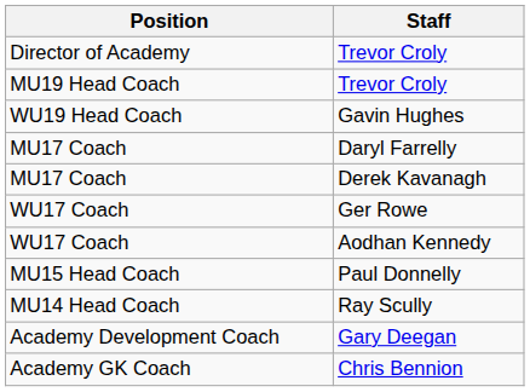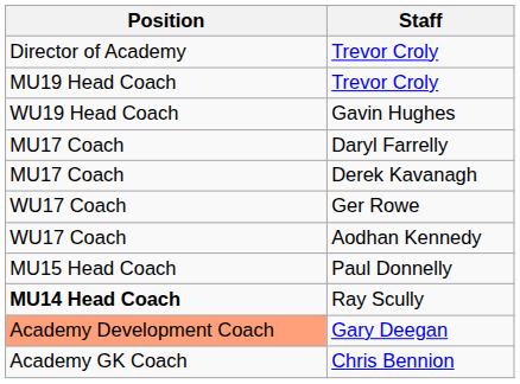 <table class=wikitable style="width:33%;">
 <tr>
 <th style="color:red background:black">Position</th>
 <th style="color:red background:black">Staff</th>
 </tr>
 <tr>
 <td>Director of Academy</td>
 <td align=left> <a href='#'>Trevor Croly</a></td>
 </tr>
 <tr>
 <td>MU19 Head Coach</td>
 <td align=left> <a href='#'>Trevor Croly</a></td>
 </tr>
 <tr>
 <td>WU19 Head Coach</td>
 <td align=left> Gavin Hughes</td>
 </tr>
 <tr>
 <td>MU17 Coach</td>
 <td align=left> Daryl Farrelly</td>
 </tr>
 <tr>
 <td>MU17 Coach</td>
 <td align=left> Derek Kavanagh</td>
 </tr>
 <tr>
 <td>WU17 Coach</td>
 <td align=left> Ger Rowe</td>
 </tr>
 <tr>
 <td>WU17 Coach</td>
 <td align=left> Aodhan Kennedy</td>
 </tr>
 <tr>
 <td>MU15 Head Coach</td>
 <td align=left> Paul Donnelly</td>
 </tr>
 <tr>
-<td>MU14 Head Coach</td>
+<td><strong>MU14 Head Coach</strong></td>
 <td align=left> Ray Scully</td>
 </tr>
 <tr>
-<td>Academy Development Coach</td>
+<td style="background: lightsalmon;">Academy Development Coach</td>
 <td align=left> <a href='#'>Gary Deegan</a>&hairsp;</td>
 </tr>
 <tr>
 <td>Academy GK Coach</td>
 <td align=left> <a href='#'>Chris Bennion</a></td>
 </tr>
 </table>
